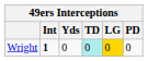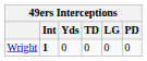 <table class="wikitable">
 <tr>
 <th colspan="6">49ers Interceptions</th>
 </tr>
 <tr>
 <th></th>
 <th>Int</th>
 <th>Yds</th>
 <th>TD</th>
 <th>LG</th>
 <th>PD</th>
 </tr>
 <tr>
 <td><a href='#'>Wright</a></td>
 <td><strong>1</strong></td>
 <td>0</td>
-<td style="background: paleturquoise;">0</td>
-<td style="background: gold;">0</td>
+<td>0</td>
+<td>0</td>
 <td>0</td>
 </tr>
 </table>
